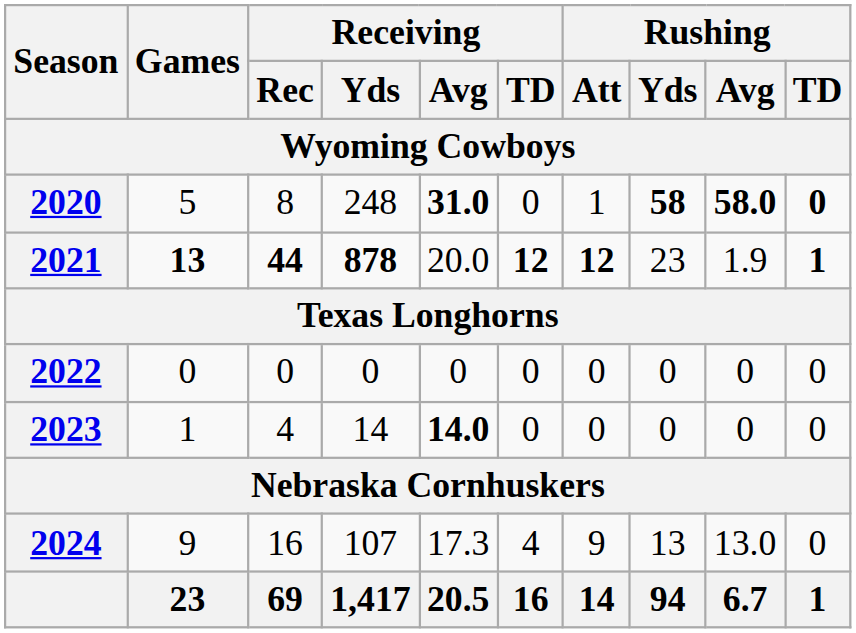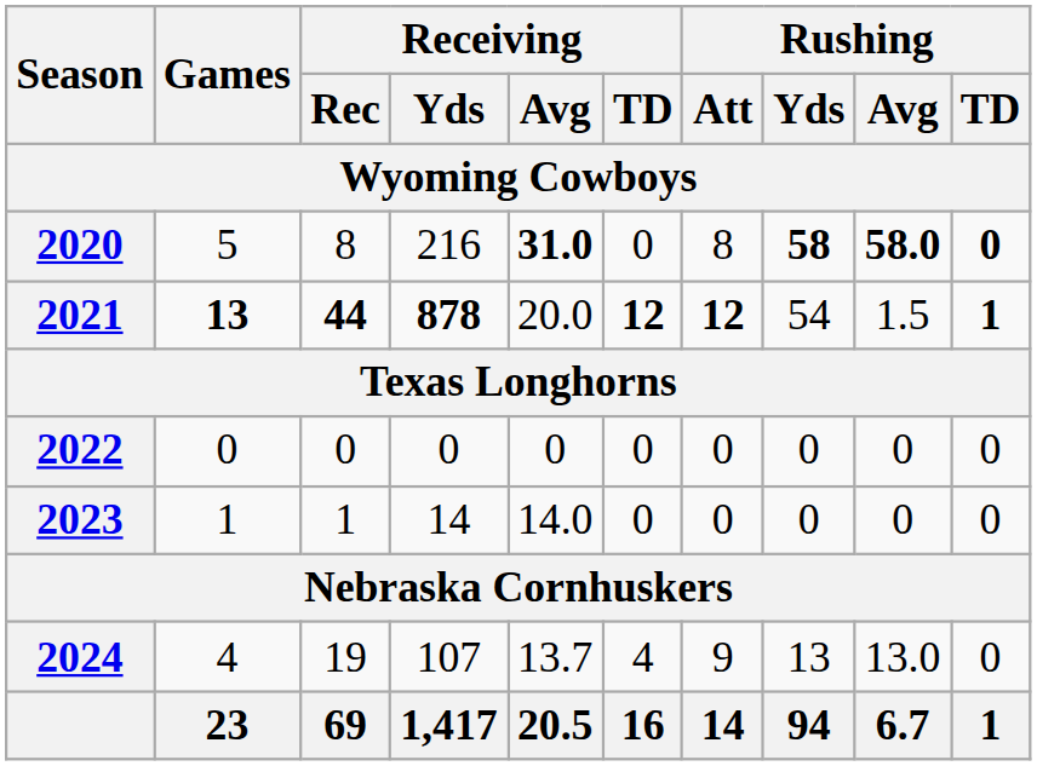 <table class="wikitable" style="text-align:center;">
 <tr>
 <th rowspan="2">Season</th>
 <th rowspan="2">Games</th>
 <th colspan="4">Receiving</th>
 <th colspan="4">Rushing</th>
 </tr>
 <tr>
 <th>Rec</th>
 <th>Yds</th>
 <th>Avg</th>
 <th>TD</th>
 <th>Att</th>
 <th>Yds</th>
 <th>Avg</th>
 <th>TD</th>
 </tr>
 <tr>
 <th colspan="15">Wyoming Cowboys</th>
 </tr>
 <tr>
 <th><a href='#'>2020</a></th>
 <td>5</td>
 <td>8</td>
-<td>248</td>
+<td>216</td>
 <td><strong>31.0</strong></td>
 <td>0</td>
-<td>1</td>
+<td>8</td>
 <td><strong>58</strong></td>
 <td><strong>58.0</strong></td>
 <td><strong>0</strong></td>
 </tr>
 <tr>
 <th><a href='#'>2021</a></th>
 <td><strong>13</strong></td>
 <td><strong>44</strong></td>
 <td><strong>878</strong></td>
 <td>20.0</td>
 <td><strong>12</strong></td>
 <td><strong>12</strong></td>
-<td>23</td>
-<td>1.9</td>
+<td>54</td>
+<td>1.5</td>
 <td><strong>1</strong></td>
 </tr>
 <tr>
 <th colspan="15">Texas Longhorns</th>
 </tr>
 <tr>
 <th><a href='#'>2022</a></th>
 <td>0</td>
 <td>0</td>
 <td>0</td>
 <td>0</td>
 <td>0</td>
 <td>0</td>
 <td>0</td>
 <td>0</td>
 <td>0</td>
 </tr>
 <tr>
 <th><a href='#'>2023</a></th>
 <td>1</td>
-<td>4</td>
+<td>1</td>
 <td>14</td>
-<td><strong>14.0</strong></td>
+<td>14.0</td>
 <td>0</td>
 <td>0</td>
 <td>0</td>
 <td>0</td>
 <td>0</td>
 </tr>
 <tr>
 <th colspan="15">Nebraska Cornhuskers</th>
 </tr>
 <tr>
 <th><a href='#'>2024</a></th>
-<td>9</td>
-<td>16</td>
+<td>4</td>
+<td>19</td>
 <td>107</td>
-<td>17.3</td>
+<td>13.7</td>
 <td>4</td>
 <td>9</td>
 <td>13</td>
 <td>13.0</td>
 <td>0</td>
 </tr>
 <tr>
 <th></th>
 <th>23</th>
 <th>69</th>
 <th>1,417</th>
 <th>20.5</th>
 <th>16</th>
 <th>14</th>
 <th>94</th>
 <th>6.7</th>
 <th>1</th>
 </tr>
 </table>
